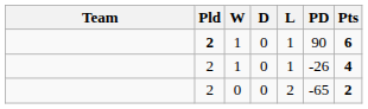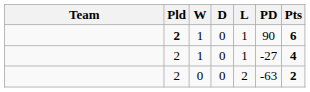 <table class="wikitable" style="text-align:center;">
 <tr>
 <th width="190">Team</th>
 <th width="20" abbr="Played">Pld</th>
 <th width="20" abbr="Won">W</th>
 <th width="20" abbr="Drawn">D</th>
 <th width="20" abbr="Lost">L</th>
 <th width="25" abbr="Points difference">PD</th>
 <th width="20" abbr="Points">Pts</th>
 </tr>
 <tr>
 <td align="left"></td>
 <td><strong>2</strong></td>
 <td>1</td>
 <td>0</td>
 <td>1</td>
 <td>90</td>
 <td><strong>6</strong></td>
 </tr>
 <tr>
 <td align="left"></td>
 <td>2</td>
 <td>1</td>
 <td>0</td>
 <td>1</td>
-<td>-26</td>
+<td>-27</td>
 <td><strong>4</strong></td>
 </tr>
 <tr>
 <td align="left"></td>
 <td>2</td>
 <td>0</td>
 <td>0</td>
 <td>2</td>
-<td>-65</td>
+<td>-63</td>
 <td><strong>2</strong></td>
 </tr>
 </table>
